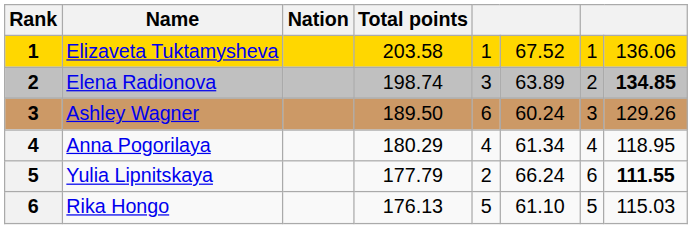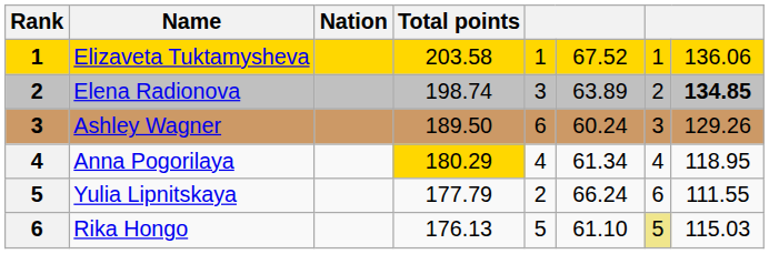 <table class="wikitable sortable">
 <tr>
 <th>Rank</th>
 <th>Name</th>
 <th>Nation</th>
 <th>Total points</th>
 <th colspan="2" width="80px"></th>
 <th colspan="2" width="80px"></th>
 </tr>
 <tr bgcolor="gold">
 <td align="center"><strong>1</strong></td>
 <td><a href='#'>Elizaveta Tuktamysheva</a></td>
 <td></td>
 <td align="center">203.58</td>
 <td align="center">1</td>
 <td align="center">67.52</td>
 <td align="center">1</td>
 <td align="center">136.06</td>
 </tr>
 <tr bgcolor="silver">
 <td align="center"><strong>2</strong></td>
 <td><a href='#'>Elena Radionova</a></td>
 <td></td>
 <td align="center">198.74</td>
 <td align="center">3</td>
 <td align="center">63.89</td>
 <td align="center">2</td>
 <td align="center"><strong>134.85</strong></td>
 </tr>
 <tr bgcolor="cc9966">
 <td align="center"><strong>3</strong></td>
 <td><a href='#'>Ashley Wagner</a></td>
 <td></td>
 <td align="center">189.50</td>
 <td align="center">6</td>
 <td align="center">60.24</td>
 <td align="center">3</td>
 <td align="center">129.26</td>
 </tr>
 <tr>
 <th>4</th>
 <td><a href='#'>Anna Pogorilaya</a></td>
 <td></td>
-<td align="center">180.29</td>
+<td align="center" style="background: gold;">180.29</td>
 <td align="center">4</td>
 <td align="center">61.34</td>
 <td align="center">4</td>
 <td align="center">118.95</td>
 </tr>
 <tr>
 <th>5</th>
 <td><a href='#'>Yulia Lipnitskaya</a></td>
 <td></td>
 <td align="center">177.79</td>
 <td align="center">2</td>
 <td align="center">66.24</td>
 <td align="center">6</td>
-<td align="center"><strong>111.55</strong></td>
+<td align="center">111.55</td>
 </tr>
 <tr>
 <th>6</th>
 <td><a href='#'>Rika Hongo</a></td>
 <td></td>
 <td align="center">176.13</td>
 <td align="center">5</td>
 <td align="center">61.10</td>
-<td align="center">5</td>
+<td align="center" style="background: khaki;">5</td>
 <td align="center">115.03</td>
 </tr>
 </table>
